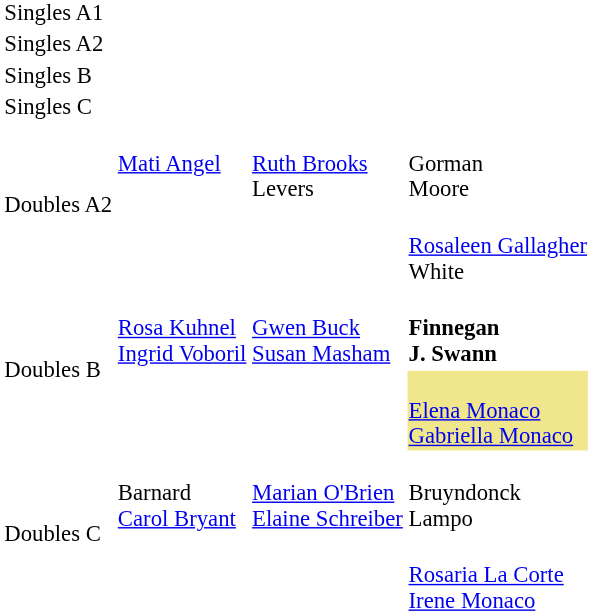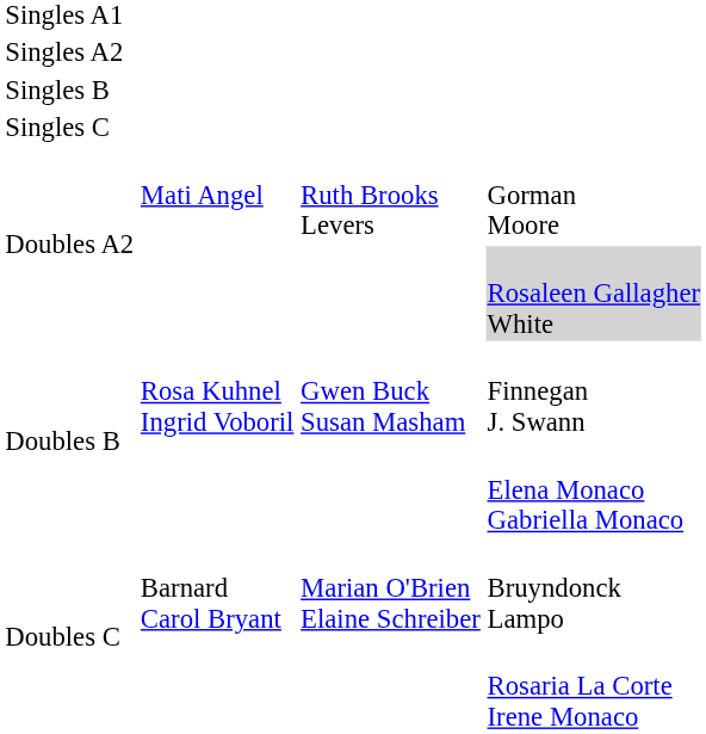 <table>
 <tr>
 <td rowspan="2">Singles A1<br></td>
 <td rowspan="2"></td>
 <td rowspan="2"></td>
 <td></td>
 </tr>
 <tr>
 <td></td>
 </tr>
 <tr>
 <td rowspan="2">Singles A2<br></td>
 <td rowspan="2"></td>
 <td rowspan="2"></td>
 <td></td>
 </tr>
 <tr>
 <td></td>
 </tr>
 <tr>
 <td rowspan="2">Singles B<br></td>
 <td rowspan="2"></td>
 <td rowspan="2"></td>
 <td></td>
 </tr>
 <tr>
 <td></td>
 </tr>
 <tr>
 <td rowspan="2">Singles C<br></td>
 <td rowspan="2"></td>
 <td rowspan="2"></td>
 <td></td>
 </tr>
 <tr>
 <td></td>
 </tr>
 <tr>
 <td rowspan="2">Doubles A2<br></td>
 <td rowspan="2" valign=top> <br> <a href='#'>Mati Angel</a> <br> </td>
 <td rowspan="2" valign=top> <br> <a href='#'>Ruth Brooks</a> <br> Levers</td>
 <td valign=top> <br> Gorman <br> Moore</td>
 </tr>
 <tr>
-<td valign=top> <br> <a href='#'>Rosaleen Gallagher</a> <br> White</td>
+<td valign=top style="background: lightgrey;"> <br> <a href='#'>Rosaleen Gallagher</a> <br> White</td>
 </tr>
 <tr>
 <td rowspan="2">Doubles B<br></td>
 <td rowspan="2" valign=top> <br> <a href='#'>Rosa Kuhnel</a> <br> <a href='#'>Ingrid Voboril</a></td>
 <td rowspan="2" valign=top> <br> <a href='#'>Gwen Buck</a> <br> <a href='#'>Susan Masham</a></td>
-<td valign=top><strong> <br> Finnegan <br> J. Swann</strong></td>
+<td valign=top> <br> Finnegan <br> J. Swann</td>
 </tr>
 <tr>
-<td valign=top style="background: khaki;"> <br> <a href='#'>Elena Monaco</a> <br> <a href='#'>Gabriella Monaco</a></td>
+<td valign=top> <br> <a href='#'>Elena Monaco</a> <br> <a href='#'>Gabriella Monaco</a></td>
 </tr>
 <tr>
 <td rowspan="2">Doubles C<br></td>
 <td rowspan="2" valign=top> <br> Barnard <br> <a href='#'>Carol Bryant</a></td>
 <td rowspan="2" valign=top> <br> <a href='#'>Marian O'Brien</a> <br> <a href='#'>Elaine Schreiber</a></td>
 <td valign=top> <br> Bruyndonck <br> Lampo</td>
 </tr>
 <tr>
 <td valign=top> <br> <a href='#'>Rosaria La Corte</a> <br> <a href='#'>Irene Monaco</a></td>
 </tr>
 </table>
